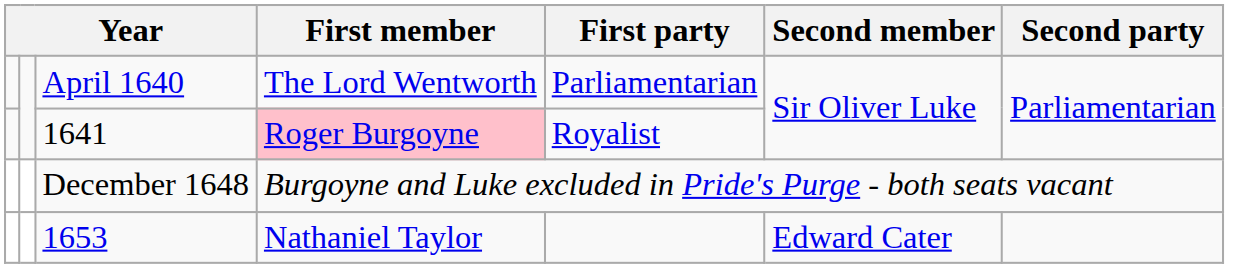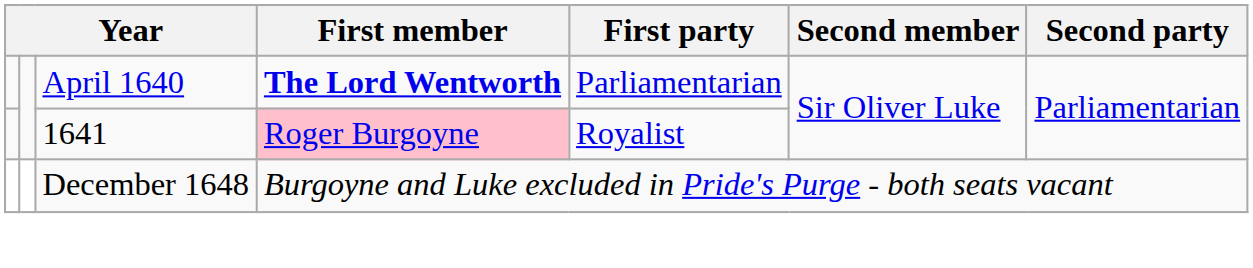 <table class="wikitable">
 <tr>
 <th colspan="3">Year</th>
 <th>First member</th>
 <th>First party</th>
 <th>Second member</th>
 <th>Second party</th>
 </tr>
 <tr>
 <td style="color:inherit;background-color: "></td>
 <td rowspan="2" style="color:inherit;background-color: "></td>
 <td><a href='#'>April 1640</a></td>
-<td><a href='#'>The Lord Wentworth</a></td>
+<td><strong><a href='#'>The Lord Wentworth</a></strong></td>
 <td><a href='#'>Parliamentarian</a></td>
 <td rowspan="2"><a href='#'>Sir Oliver Luke</a></td>
 <td rowspan="2"><a href='#'>Parliamentarian</a></td>
 </tr>
 <tr>
 <td style="color:inherit;background-color: "></td>
 <td>1641</td>
 <td style="background: pink;"><a href='#'>Roger Burgoyne</a></td>
 <td><a href='#'>Royalist</a></td>
 </tr>
 <tr>
 <td style="color:inherit;background-color: white"></td>
 <td style="color:inherit;background-color: white"></td>
 <td>December 1648</td>
 <td colspan="4"><em>Burgoyne and Luke excluded in <a href='#'>Pride's Purge</a> - both seats vacant</em></td>
 </tr>
-<tr>
-<td style="color:inherit;background-color: white"></td>
-<td style="color:inherit;background-color: white"></td>
-<td><a href='#'>1653</a></td>
-<td><a href='#'>Nathaniel Taylor</a></td>
-<td></td>
-<td><a href='#'>Edward Cater</a></td>
-<td></td>
-</tr>
 </table>
